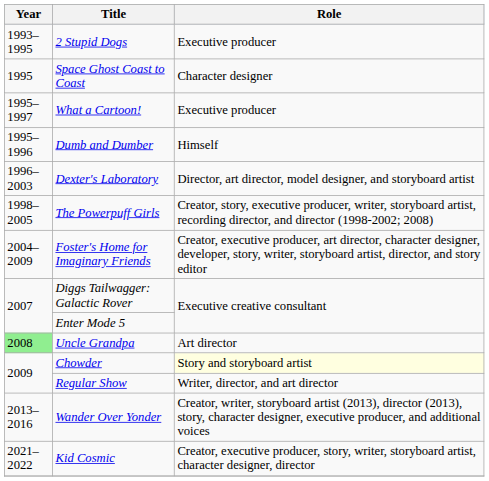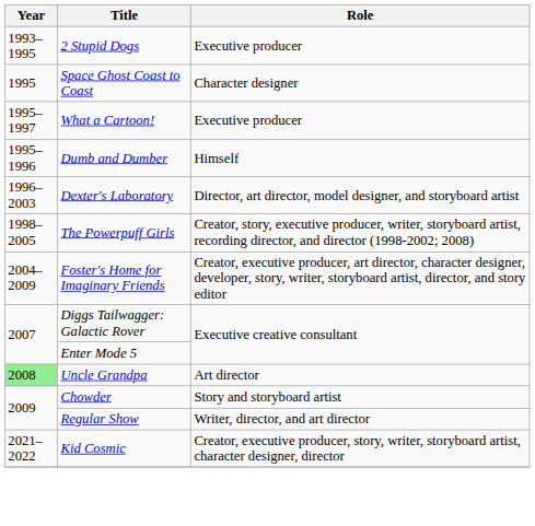 <table class="wikitable">
 <tr style="background:#b0c4de; text-align:center;">
 <th>Year</th>
 <th>Title</th>
 <th>Role</th>
 </tr>
 <tr>
 <td>1993–1995</td>
 <td><em><a href='#'>2 Stupid Dogs</a></em></td>
 <td rowspan="1">Executive producer </td>
 </tr>
 <tr>
 <td>1995</td>
 <td><em><a href='#'>Space Ghost Coast to Coast</a></em></td>
 <td>Character designer</td>
 </tr>
 <tr>
 <td>1995–1997</td>
 <td><em><a href='#'>What a Cartoon!</a></em></td>
 <td rowspan="1">Executive producer </td>
 </tr>
 <tr>
 <td>1995–1996</td>
 <td><em><a href='#'>Dumb and Dumber</a></em></td>
 <td>Himself </td>
 </tr>
 <tr>
 <td>1996–2003</td>
 <td><em><a href='#'>Dexter's Laboratory</a></em></td>
 <td>Director, art director, model designer, and storyboard artist</td>
 </tr>
 <tr>
 <td>1998–2005</td>
 <td><em><a href='#'>The Powerpuff Girls</a></em></td>
 <td>Creator, story, executive producer, writer, storyboard artist, recording director, and director (1998-2002; 2008)</td>
 </tr>
 <tr>
 <td>2004–2009</td>
 <td><em><a href='#'>Foster's Home for Imaginary Friends</a></em></td>
 <td>Creator, executive producer, art director, character designer, developer, story, writer, storyboard artist, director, and story editor</td>
 </tr>
 <tr>
 <td rowspan="2">2007</td>
 <td><em>Diggs Tailwagger: Galactic Rover</em></td>
 <td rowspan="2">Executive creative consultant</td>
 </tr>
 <tr>
 <td><em>Enter Mode 5</em></td>
 </tr>
 <tr>
 <td style="background: lightgreen;">2008</td>
 <td><em><a href='#'>Uncle Grandpa</a></em></td>
 <td>Art director</td>
 </tr>
 <tr>
 <td rowspan="2">2009</td>
 <td><em><a href='#'>Chowder</a></em></td>
-<td style="background: lightyellow;">Story and storyboard artist </td>
+<td>Story and storyboard artist </td>
 </tr>
 <tr>
 <td><em><a href='#'>Regular Show</a></em></td>
 <td>Writer, director, and art director</td>
-</tr>
-<tr>
-<td>2013–2016</td>
-<td><em><a href='#'>Wander Over Yonder</a></em></td>
-<td>Creator, writer, storyboard artist (2013), director (2013), story, character designer, executive producer, and additional voices</td>
 </tr>
 <tr>
 <td>2021–2022</td>
 <td><em><a href='#'>Kid Cosmic</a></em></td>
 <td>Creator, executive producer, story, writer, storyboard artist, character designer, director</td>
 </tr>
 <tr>
 </tr>
 </table>
